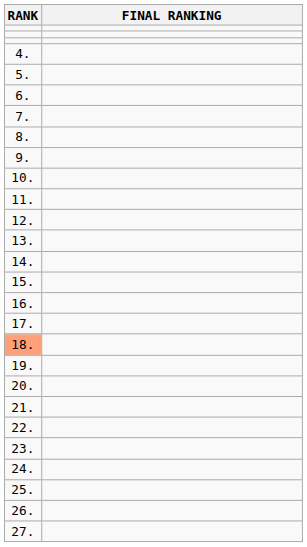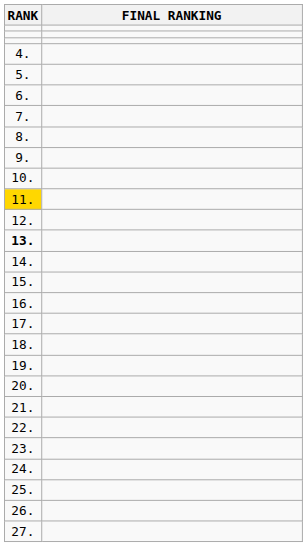 <table class="wikitable">
 <tr>
 <th>RANK</th>
 <th style="width: 20em">FINAL RANKING</th>
 </tr>
 <tr>
 <td align="center"></td>
 <td></td>
 </tr>
 <tr>
 <td align="center"></td>
 <td></td>
 </tr>
 <tr>
 <td align="center"></td>
 <td></td>
 </tr>
 <tr>
 <td align="center">4.</td>
 <td></td>
 </tr>
 <tr>
 <td align="center">5.</td>
 <td></td>
 </tr>
 <tr>
 <td align="center">6.</td>
 <td></td>
 </tr>
 <tr>
 <td align="center">7.</td>
 <td></td>
 </tr>
 <tr>
 <td align="center">8.</td>
 <td></td>
 </tr>
 <tr>
 <td align="center">9.</td>
 <td></td>
 </tr>
 <tr>
 <td align="center">10.</td>
 <td></td>
 </tr>
 <tr>
-<td align="center">11.</td>
+<td align="center" style="background: gold;">11.</td>
 <td></td>
 </tr>
 <tr>
 <td align="center">12.</td>
 <td></td>
 </tr>
 <tr>
-<td align="center">13.</td>
+<td align="center"><strong>13.</strong></td>
 <td></td>
 </tr>
 <tr>
 <td align="center">14.</td>
 <td></td>
 </tr>
 <tr>
 <td align="center">15.</td>
 <td></td>
 </tr>
 <tr>
 <td align="center">16.</td>
 <td></td>
 </tr>
 <tr>
 <td align="center">17.</td>
 <td></td>
 </tr>
 <tr>
-<td align="center" style="background: lightsalmon;">18.</td>
+<td align="center">18.</td>
 <td></td>
 </tr>
 <tr>
 <td align="center">19.</td>
 <td></td>
 </tr>
 <tr>
 <td align="center">20.</td>
 <td></td>
 </tr>
 <tr>
 <td align="center">21.</td>
 <td></td>
 </tr>
 <tr>
 <td align="center">22.</td>
 <td></td>
 </tr>
 <tr>
 <td align="center">23.</td>
 <td></td>
 </tr>
 <tr>
 <td align="center">24.</td>
 <td></td>
 </tr>
 <tr>
 <td align="center">25.</td>
 <td></td>
 </tr>
 <tr>
 <td align="center">26.</td>
 <td></td>
 </tr>
 <tr>
 <td align="center">27.</td>
 <td></td>
 </tr>
 </table>
